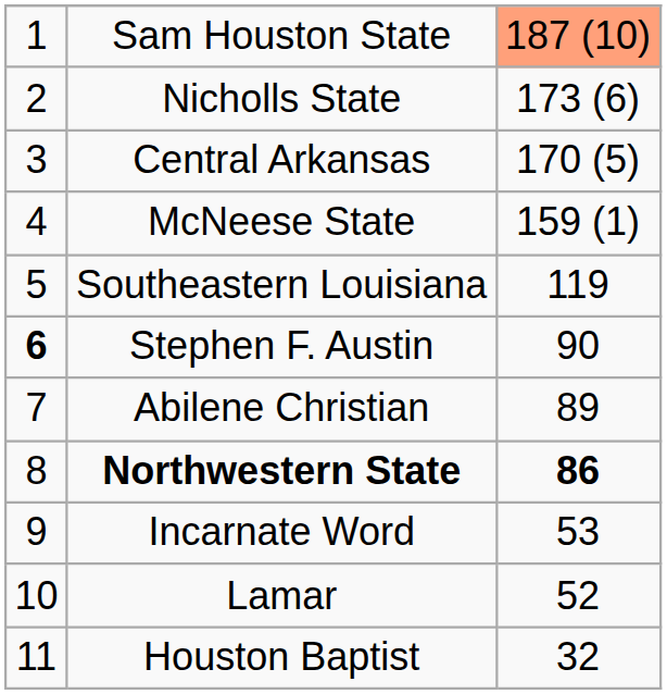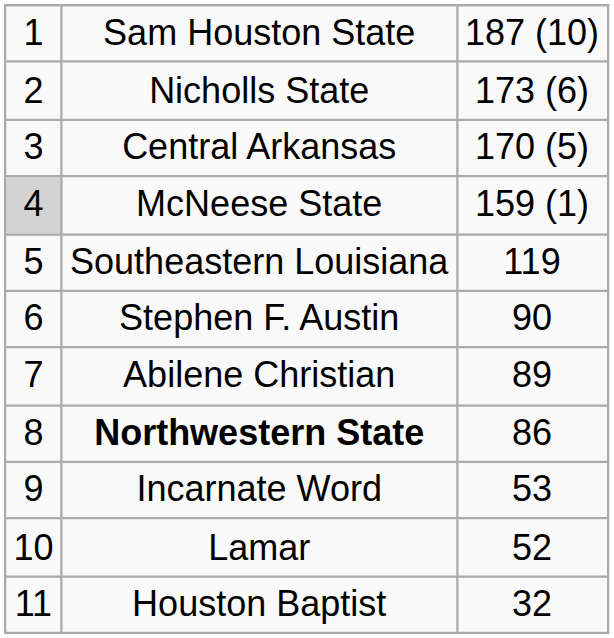 <table class="wikitable">
 <tr align="center">
 </tr>
 <tr align="center">
 <td>1</td>
 <td>Sam Houston State</td>
-<td style="background: lightsalmon;">187 (10)</td>
+<td>187 (10)</td>
 </tr>
 <tr align="center">
 <td>2</td>
 <td>Nicholls State</td>
 <td>173 (6)</td>
 </tr>
 <tr align="center">
 <td>3</td>
 <td>Central Arkansas</td>
 <td>170 (5)</td>
 </tr>
 <tr align="center">
-<td>4</td>
+<td style="background: lightgrey;">4</td>
 <td>McNeese State</td>
 <td>159 (1)</td>
 </tr>
 <tr align="center">
 <td>5</td>
 <td>Southeastern Louisiana</td>
 <td>119</td>
 </tr>
 <tr align="center">
-<td><strong>6</strong></td>
+<td>6</td>
 <td>Stephen F. Austin</td>
 <td>90</td>
 </tr>
 <tr align="center">
 <td>7</td>
 <td>Abilene Christian</td>
 <td>89</td>
 </tr>
 <tr align="center">
 <td>8</td>
 <td><strong>Northwestern State</strong></td>
-<td><strong>86</strong></td>
+<td>86</td>
 </tr>
 <tr align="center">
 <td>9</td>
 <td>Incarnate Word</td>
 <td>53</td>
 </tr>
 <tr align="center">
 <td>10</td>
 <td>Lamar</td>
 <td>52</td>
 </tr>
 <tr align="center">
 <td>11</td>
 <td>Houston Baptist</td>
 <td>32</td>
 </tr>
 </table>
